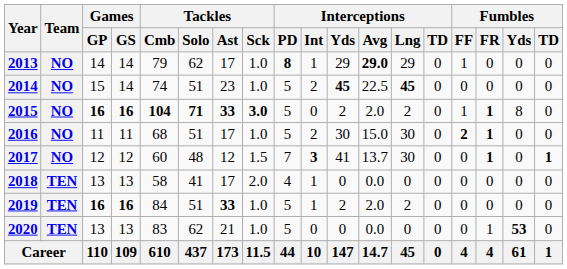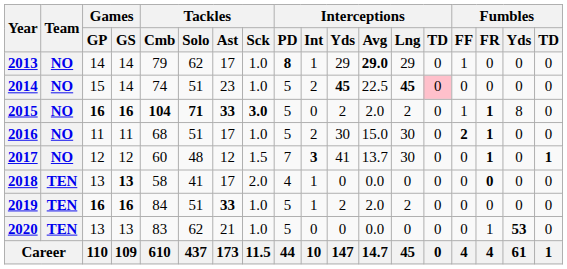 <table class="wikitable" style="text-align:center;">
 <tr>
 <th rowspan="2">Year</th>
 <th rowspan="2">Team</th>
 <th colspan="2">Games</th>
 <th colspan="4">Tackles</th>
 <th colspan="6">Interceptions</th>
 <th colspan="4">Fumbles</th>
 </tr>
 <tr>
 <th>GP</th>
 <th>GS</th>
 <th>Cmb</th>
 <th>Solo</th>
 <th>Ast</th>
 <th>Sck</th>
 <th>PD</th>
 <th>Int</th>
 <th>Yds</th>
 <th>Avg</th>
 <th>Lng</th>
 <th>TD</th>
 <th>FF</th>
 <th>FR</th>
 <th>Yds</th>
 <th>TD</th>
 </tr>
 <tr>
 <th><a href='#'>2013</a></th>
 <th><a href='#'>NO</a></th>
 <td>14</td>
 <td>14</td>
 <td>79</td>
 <td>62</td>
 <td>17</td>
 <td>1.0</td>
 <td><strong>8</strong></td>
 <td>1</td>
 <td>29</td>
 <td><strong>29.0</strong></td>
 <td>29</td>
 <td>0</td>
 <td>1</td>
 <td>0</td>
 <td>0</td>
 <td>0</td>
 </tr>
 <tr>
 <th><a href='#'>2014</a></th>
 <th><a href='#'>NO</a></th>
 <td>15</td>
 <td>14</td>
 <td>74</td>
 <td>51</td>
 <td>23</td>
 <td>1.0</td>
 <td>5</td>
 <td>2</td>
 <td><strong>45</strong></td>
 <td>22.5</td>
 <td><strong>45</strong></td>
-<td>0</td>
+<td style="background: pink;">0</td>
 <td>0</td>
 <td>0</td>
 <td>0</td>
 <td>0</td>
 </tr>
 <tr>
 <th><a href='#'>2015</a></th>
 <th><a href='#'>NO</a></th>
 <td><strong>16</strong></td>
 <td><strong>16</strong></td>
 <td><strong>104</strong></td>
 <td><strong>71</strong></td>
 <td><strong>33</strong></td>
 <td><strong>3.0</strong></td>
 <td>5</td>
 <td>0</td>
 <td>2</td>
 <td>2.0</td>
 <td>2</td>
 <td>0</td>
 <td>1</td>
 <td><strong>1</strong></td>
 <td>8</td>
 <td>0</td>
 </tr>
 <tr>
 <th><a href='#'>2016</a></th>
 <th><a href='#'>NO</a></th>
 <td>11</td>
 <td>11</td>
 <td>68</td>
 <td>51</td>
 <td>17</td>
 <td>1.0</td>
 <td>5</td>
 <td>2</td>
 <td>30</td>
 <td>15.0</td>
 <td>30</td>
 <td>0</td>
 <td><strong>2</strong></td>
 <td><strong>1</strong></td>
 <td>0</td>
 <td>0</td>
 </tr>
 <tr>
 <th><a href='#'>2017</a></th>
 <th><a href='#'>NO</a></th>
 <td>12</td>
 <td>12</td>
 <td>60</td>
 <td>48</td>
 <td>12</td>
 <td>1.5</td>
 <td>7</td>
 <td><strong>3</strong></td>
 <td>41</td>
 <td>13.7</td>
 <td>30</td>
 <td>0</td>
 <td>0</td>
 <td><strong>1</strong></td>
 <td>0</td>
 <td><strong>1</strong></td>
 </tr>
 <tr>
 <th><a href='#'>2018</a></th>
 <th><a href='#'>TEN</a></th>
 <td>13</td>
-<td>13</td>
+<td><strong>13</strong></td>
 <td>58</td>
 <td>41</td>
 <td>17</td>
 <td>2.0</td>
 <td>4</td>
 <td>1</td>
 <td>0</td>
 <td>0.0</td>
 <td>0</td>
 <td>0</td>
 <td>0</td>
-<td>0</td>
+<td><strong>0</strong></td>
 <td>0</td>
 <td>0</td>
 </tr>
 <tr>
 <th><a href='#'>2019</a></th>
 <th><a href='#'>TEN</a></th>
 <td><strong>16</strong></td>
 <td><strong>16</strong></td>
 <td>84</td>
 <td>51</td>
 <td><strong>33</strong></td>
 <td>1.0</td>
 <td>5</td>
 <td>1</td>
 <td>2</td>
 <td>2.0</td>
 <td>2</td>
 <td>0</td>
 <td>0</td>
 <td>0</td>
 <td>0</td>
 <td>0</td>
 </tr>
 <tr>
 <th><a href='#'>2020</a></th>
 <th><a href='#'>TEN</a></th>
 <td>13</td>
 <td>13</td>
 <td>83</td>
 <td>62</td>
 <td>21</td>
 <td>1.0</td>
 <td>5</td>
 <td>0</td>
 <td>0</td>
 <td>0.0</td>
 <td>0</td>
 <td>0</td>
 <td>0</td>
 <td>1</td>
 <td><strong>53</strong></td>
 <td>0</td>
 </tr>
 <tr>
 <th colspan="2">Career</th>
 <th>110</th>
 <th>109</th>
 <th>610</th>
 <th>437</th>
 <th>173</th>
 <th>11.5</th>
 <th>44</th>
 <th>10</th>
 <th>147</th>
 <th>14.7</th>
 <th>45</th>
 <th>0</th>
 <th>4</th>
 <th>4</th>
 <th>61</th>
 <th>1</th>
 </tr>
 </table>
